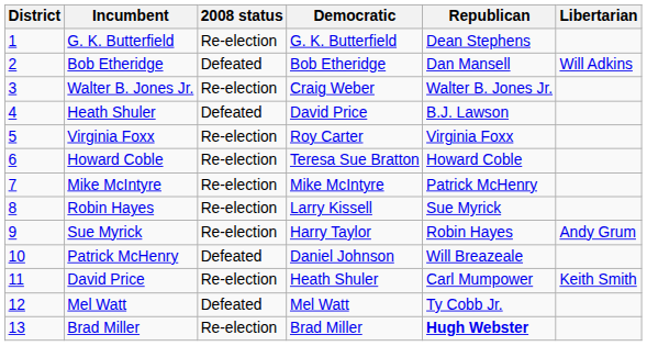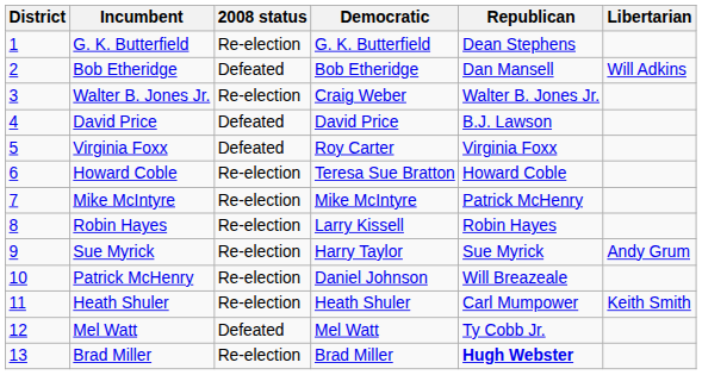 <table class="wikitable">
 <tr>
 <th>District</th>
 <th>Incumbent</th>
 <th>2008 status</th>
 <th>Democratic</th>
 <th>Republican</th>
 <th>Libertarian</th>
 </tr>
 <tr>
 <td><a href='#'>1</a></td>
 <td><a href='#'>G. K. Butterfield</a></td>
 <td>Re-election</td>
 <td><a href='#'>G. K. Butterfield</a></td>
 <td><a href='#'>Dean Stephens</a></td>
 <td></td>
 </tr>
 <tr>
 <td><a href='#'>2</a></td>
 <td><a href='#'>Bob Etheridge</a></td>
 <td>Defeated</td>
 <td><a href='#'>Bob Etheridge</a></td>
 <td><a href='#'>Dan Mansell</a></td>
 <td><a href='#'>Will Adkins</a></td>
 </tr>
 <tr>
 <td><a href='#'>3</a></td>
 <td><a href='#'>Walter B. Jones Jr.</a></td>
 <td>Re-election</td>
 <td><a href='#'>Craig Weber</a></td>
 <td><a href='#'>Walter B. Jones Jr.</a></td>
 <td></td>
 </tr>
 <tr>
 <td><a href='#'>4</a></td>
-<td><a href='#'>Heath Shuler</a></td>
+<td><a href='#'>David Price</a></td>
 <td>Defeated</td>
 <td><a href='#'>David Price</a></td>
 <td><a href='#'>B.J. Lawson</a></td>
 <td></td>
 </tr>
 <tr>
 <td><a href='#'>5</a></td>
 <td><a href='#'>Virginia Foxx</a></td>
-<td>Re-election</td>
+<td>Defeated</td>
 <td><a href='#'>Roy Carter</a></td>
 <td><a href='#'>Virginia Foxx</a></td>
 <td></td>
 </tr>
 <tr>
 <td><a href='#'>6</a></td>
 <td><a href='#'>Howard Coble</a></td>
 <td>Re-election</td>
 <td><a href='#'>Teresa Sue Bratton</a></td>
 <td><a href='#'>Howard Coble</a></td>
 <td></td>
 </tr>
 <tr>
 <td><a href='#'>7</a></td>
 <td><a href='#'>Mike McIntyre</a></td>
 <td>Re-election</td>
 <td><a href='#'>Mike McIntyre</a></td>
 <td><a href='#'>Patrick McHenry</a></td>
 <td></td>
 </tr>
 <tr>
 <td><a href='#'>8</a></td>
 <td><a href='#'>Robin Hayes</a></td>
 <td>Re-election</td>
 <td><a href='#'>Larry Kissell</a></td>
-<td><a href='#'>Sue Myrick</a></td>
+<td><a href='#'>Robin Hayes</a></td>
 <td></td>
 </tr>
 <tr>
 <td><a href='#'>9</a></td>
 <td><a href='#'>Sue Myrick</a></td>
 <td>Re-election</td>
 <td><a href='#'>Harry Taylor</a></td>
-<td><a href='#'>Robin Hayes</a></td>
+<td><a href='#'>Sue Myrick</a></td>
 <td><a href='#'>Andy Grum</a></td>
 </tr>
 <tr>
 <td><a href='#'>10</a></td>
 <td><a href='#'>Patrick McHenry</a></td>
-<td>Defeated</td>
+<td>Re-election</td>
 <td><a href='#'>Daniel Johnson</a></td>
 <td><a href='#'>Will Breazeale</a></td>
 <td></td>
 </tr>
 <tr>
 <td><a href='#'>11</a></td>
-<td><a href='#'>David Price</a></td>
+<td><a href='#'>Heath Shuler</a></td>
 <td>Re-election</td>
 <td><a href='#'>Heath Shuler</a></td>
 <td><a href='#'>Carl Mumpower</a></td>
 <td><a href='#'>Keith Smith</a></td>
 </tr>
 <tr>
 <td><a href='#'>12</a></td>
 <td><a href='#'>Mel Watt</a></td>
 <td>Defeated</td>
 <td><a href='#'>Mel Watt</a></td>
 <td><a href='#'>Ty Cobb Jr.</a></td>
 <td></td>
 </tr>
 <tr>
 <td><a href='#'>13</a></td>
 <td><a href='#'>Brad Miller</a></td>
 <td>Re-election</td>
 <td><a href='#'>Brad Miller</a></td>
 <td><strong><a href='#'>Hugh Webster</a></strong></td>
 <td></td>
 </tr>
 </table>
